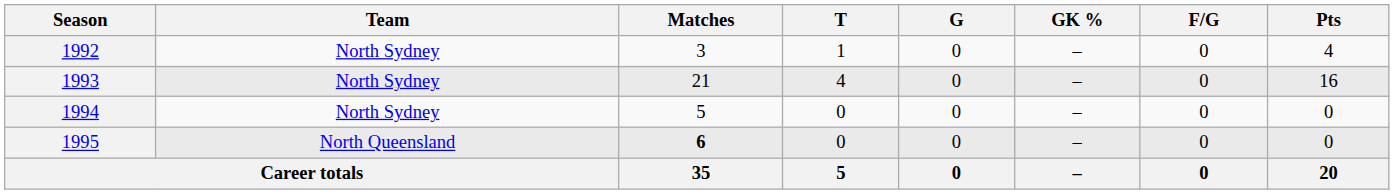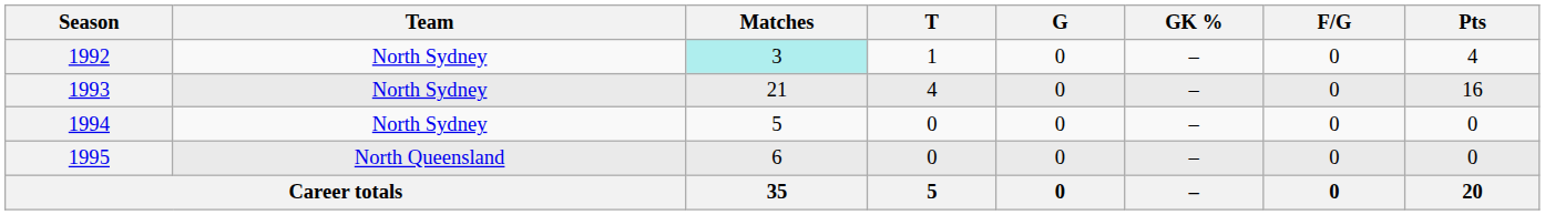 <table class="wikitable sortable"  style="font-size:90%; text-align:center; width:85%;">
 <tr>
 <th width=2%>Season</th>
 <th width=8%>Team</th>
 <th width=2%>Matches</th>
 <th width=2%>T</th>
 <th width=2%>G</th>
 <th width=2%>GK %</th>
 <th width=2%>F/G</th>
 <th width=2%>Pts</th>
 </tr>
 <tr>
 <th scope="row" style="text-align:center; font-weight:normal"><a href='#'>1992</a></th>
 <td style="text-align:center;"> <a href='#'>North Sydney</a></td>
-<td>3</td>
+<td style="background: paleturquoise;">3</td>
 <td>1</td>
 <td>0</td>
 <td>–</td>
 <td>0</td>
 <td>4</td>
 </tr>
 <tr style="background-color: #EAEAEA">
 <th scope="row" style="text-align:center; font-weight:normal"><a href='#'>1993</a></th>
 <td style="text-align:center;"> <a href='#'>North Sydney</a></td>
 <td>21</td>
 <td>4</td>
 <td>0</td>
 <td>–</td>
 <td>0</td>
 <td>16</td>
 </tr>
 <tr>
 <th scope="row" style="text-align:center; font-weight:normal"><a href='#'>1994</a></th>
 <td style="text-align:center;"> <a href='#'>North Sydney</a></td>
 <td>5</td>
 <td>0</td>
 <td>0</td>
 <td>–</td>
 <td>0</td>
 <td>0</td>
 </tr>
 <tr style="background-color: #EAEAEA">
 <th scope="row" style="text-align:center; font-weight:normal"><a href='#'>1995</a></th>
 <td style="text-align:center;"> <a href='#'>North Queensland</a></td>
-<td><strong>6</strong></td>
+<td>6</td>
 <td>0</td>
 <td>0</td>
 <td>–</td>
 <td>0</td>
 <td>0</td>
 </tr>
 <tr class="sortbottom">
 <th colspan=2>Career totals</th>
 <th>35</th>
 <th>5</th>
 <th>0</th>
 <th>–</th>
 <th>0</th>
 <th>20</th>
 </tr>
 </table>
